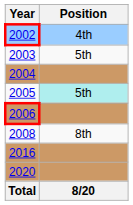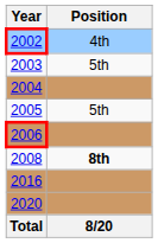 <table class="wikitable" style="text-align: center;font-size:90%;">
 <tr>
 <th>Year</th>
 <th width="100">Position</th>
 </tr>
 <tr style="background:#9acdff;">
 <td style="border: 3px solid red"> <a href='#'>2002</a></td>
 <td>4th</td>
 </tr>
 <tr>
 <td> <a href='#'>2003</a></td>
 <td>5th</td>
 </tr>
 <tr bgcolor=cc9966>
 <td> <a href='#'>2004</a></td>
 <td></td>
 </tr>
 <tr>
 <td> <a href='#'>2005</a></td>
-<td style="background: paleturquoise;">5th</td>
+<td>5th</td>
 </tr>
 <tr bgcolor=cc9966>
 <td style="border: 3px solid red"> <a href='#'>2006</a></td>
 <td></td>
 </tr>
 <tr>
 <td> <a href='#'>2008</a></td>
-<td>8th</td>
+<td><strong>8th</strong></td>
 </tr>
 <tr bgcolor=cc9966>
 <td> <a href='#'>2016</a></td>
 <td></td>
 </tr>
 <tr bgcolor=cc9966>
 <td> <a href='#'>2020</a></td>
 <td></td>
 </tr>
 <tr>
 <th>Total</th>
 <th>8/20</th>
 </tr>
 </table>
